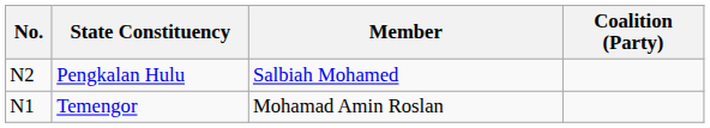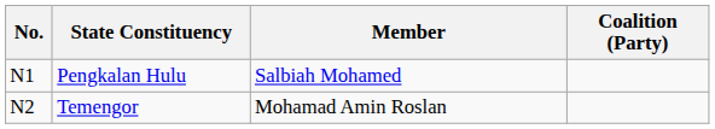 <table class="wikitable">
 <tr>
 <th width="30">No.</th>
 <th width="150">State Constituency</th>
 <th width="245">Member</th>
 <th width="105">Coalition (Party)</th>
 </tr>
 <tr>
-<td>N2</td>
+<td>N1</td>
 <td><a href='#'>Pengkalan Hulu</a></td>
 <td><a href='#'>Salbiah Mohamed</a></td>
 <td></td>
 </tr>
 <tr>
-<td>N1</td>
+<td>N2</td>
 <td><a href='#'>Temengor</a></td>
 <td>Mohamad Amin Roslan</td>
 <td></td>
 </tr>
 </table>
